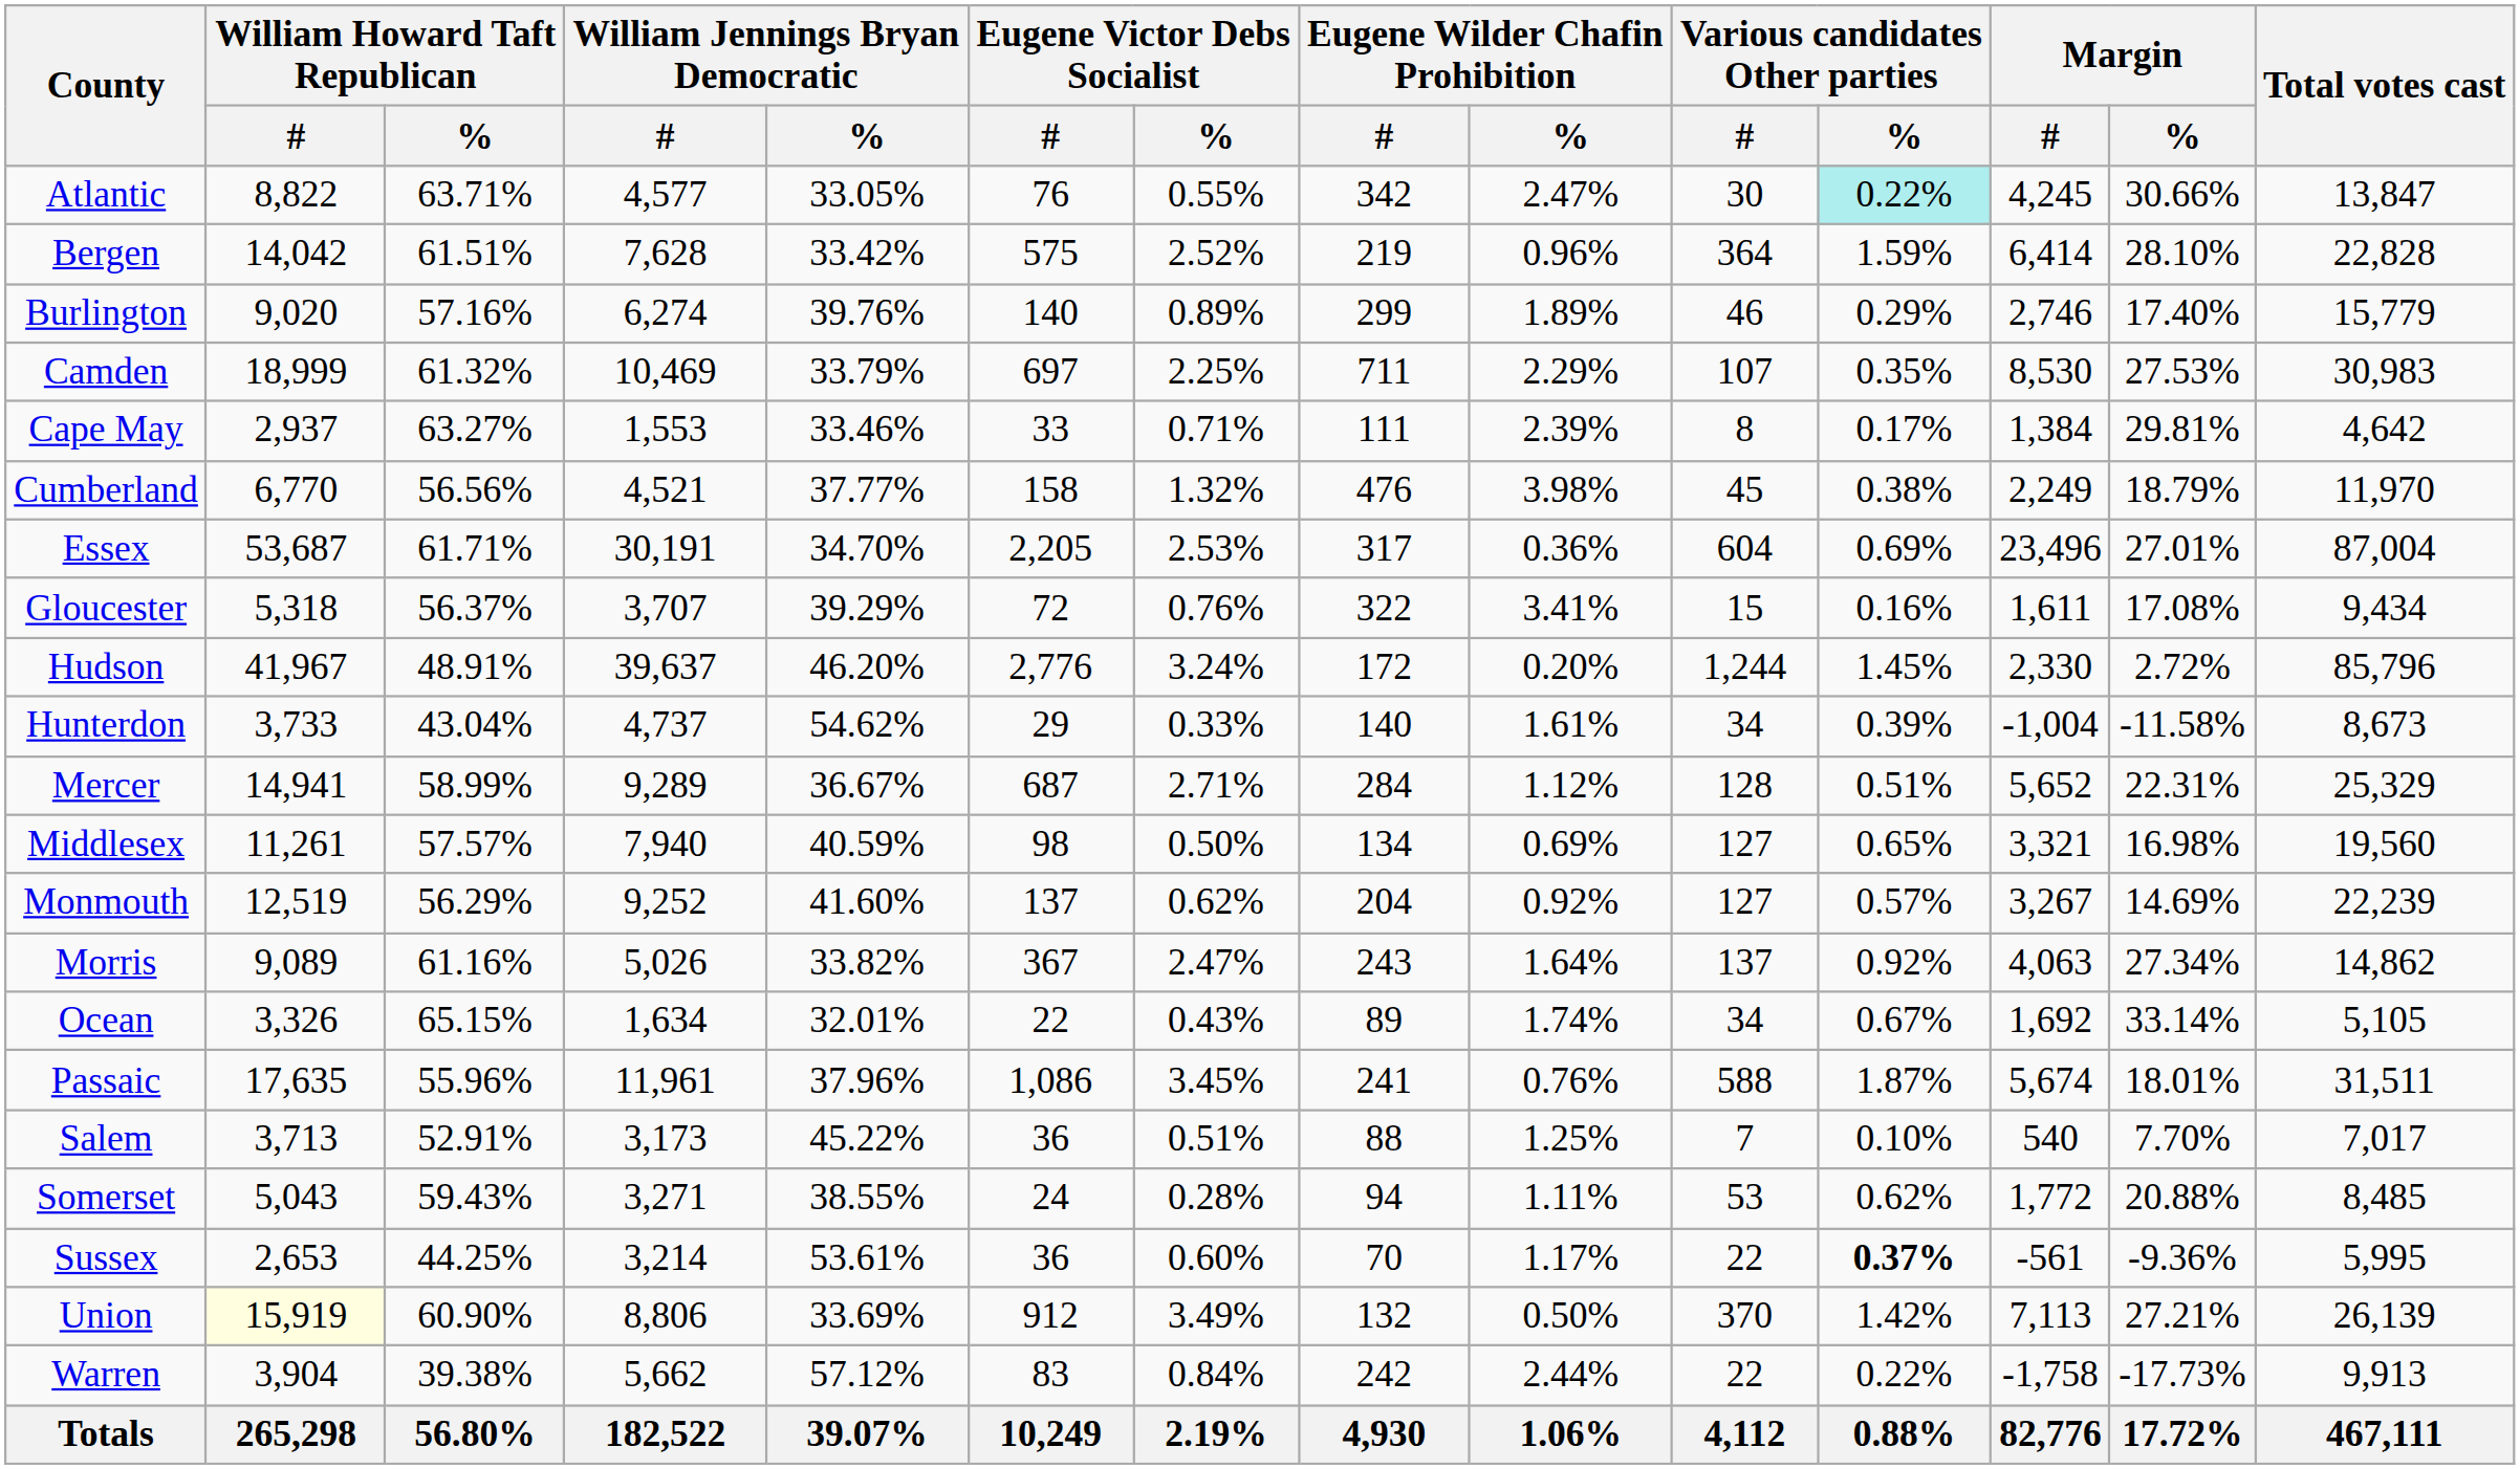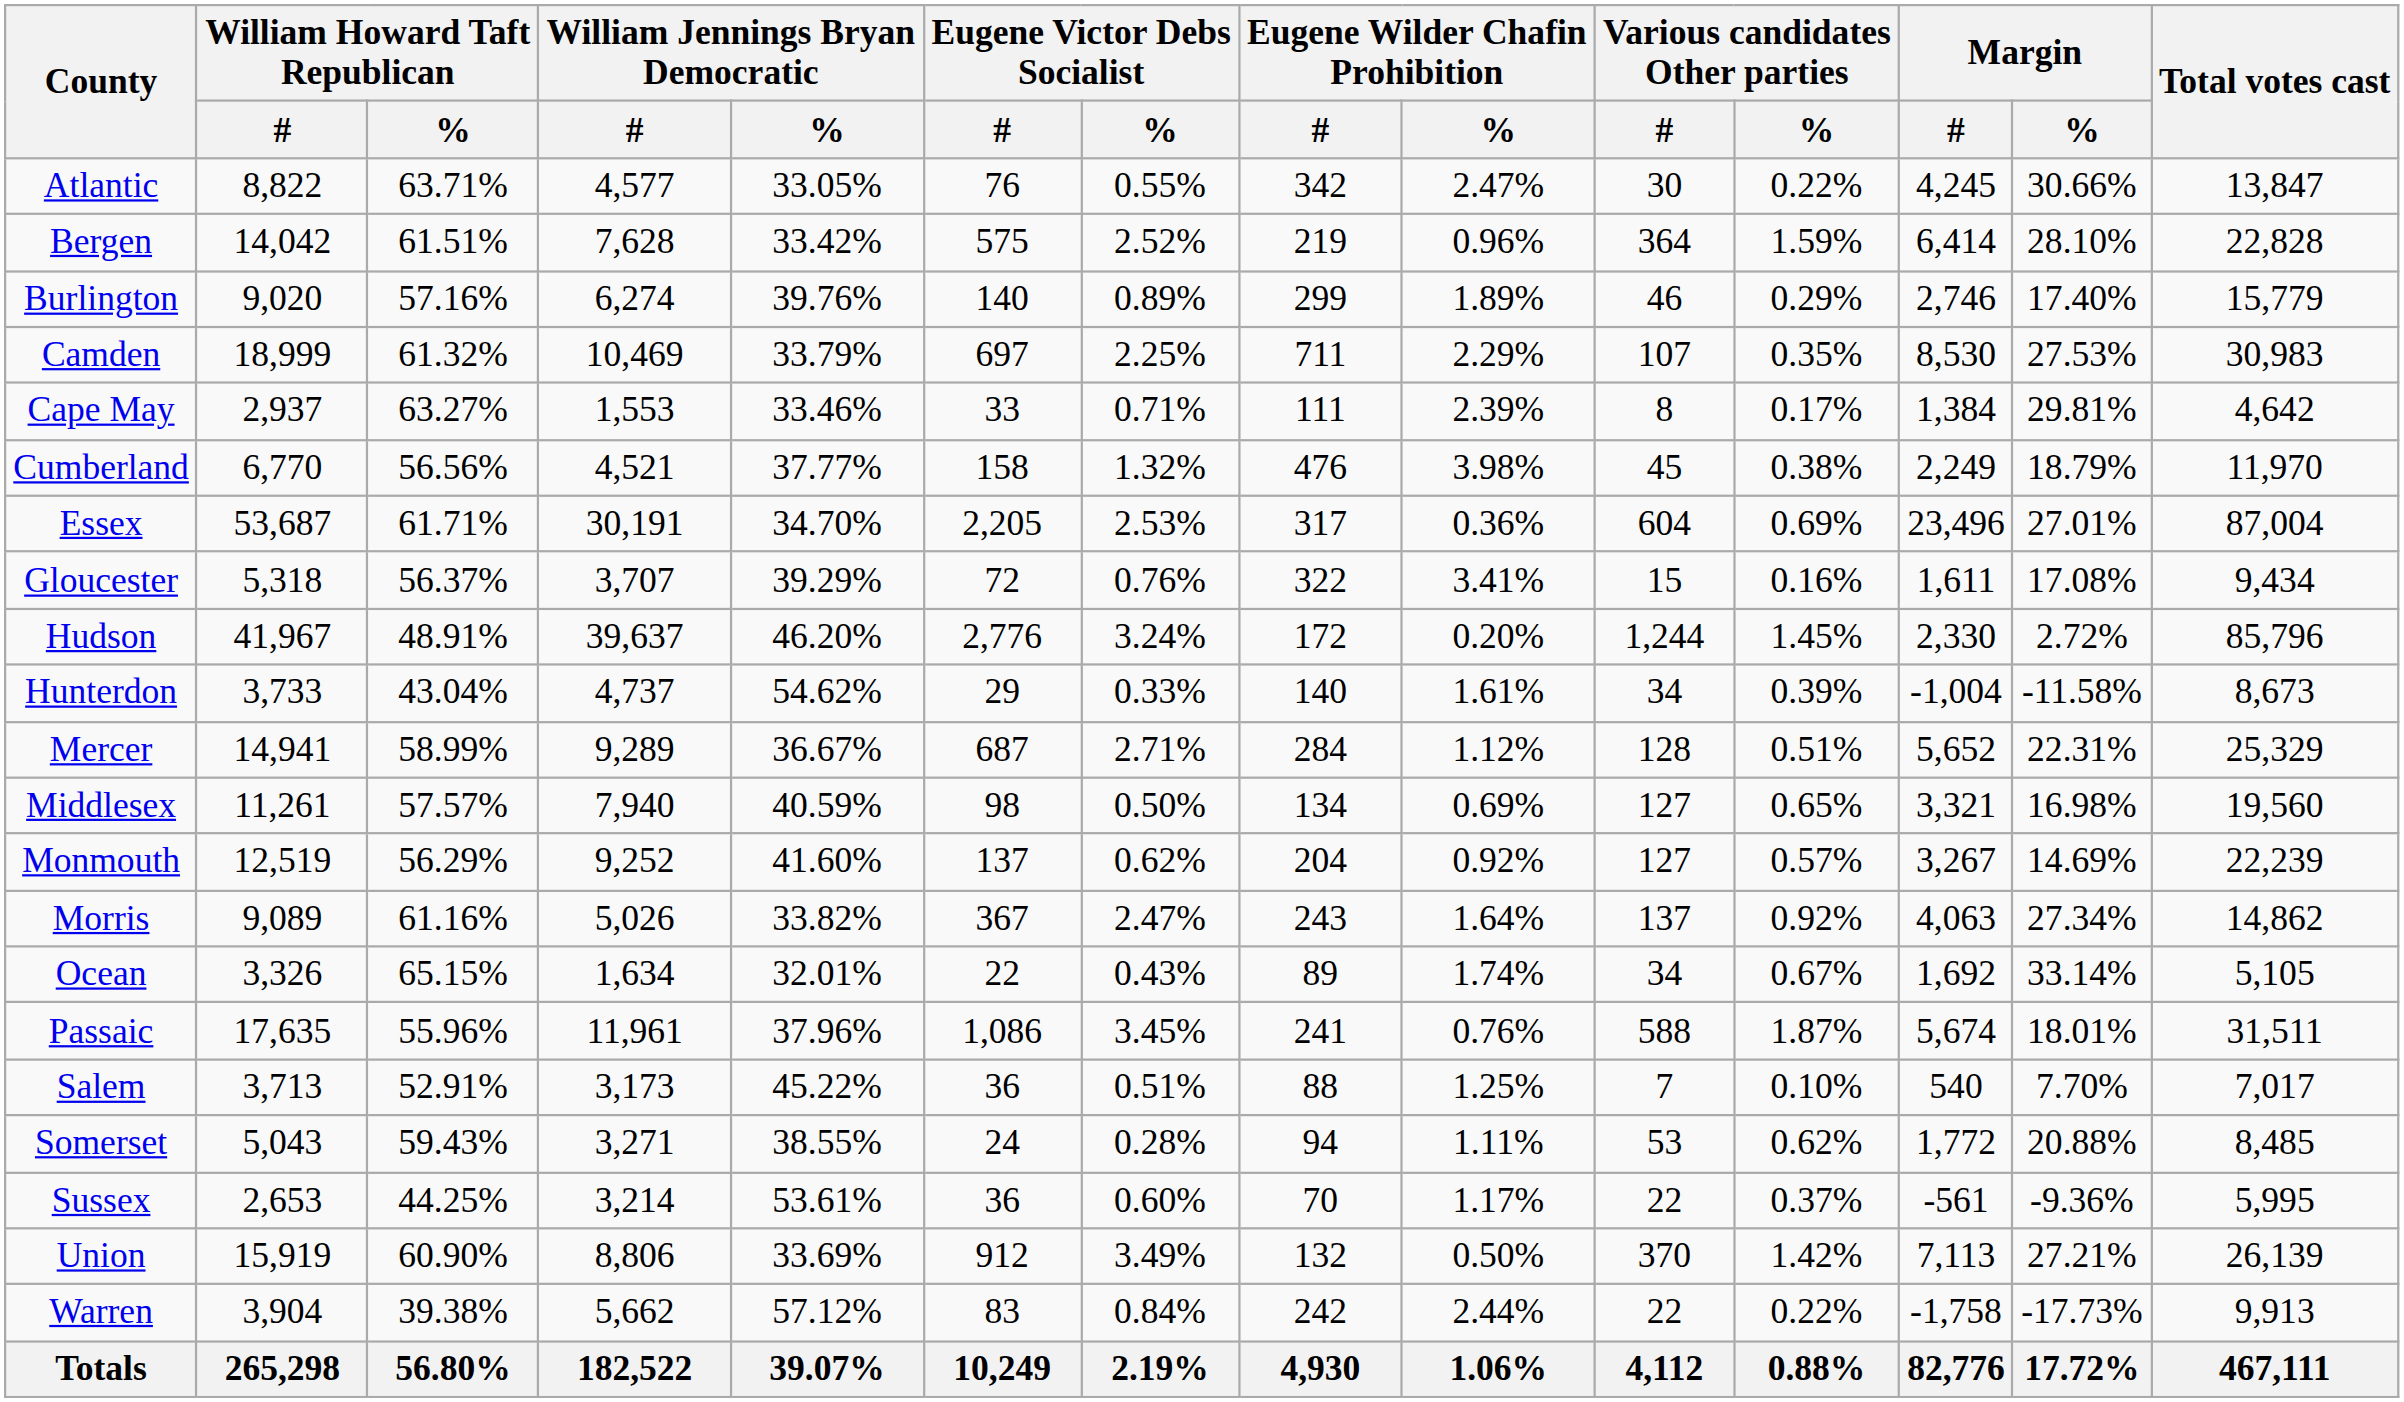 <table class="wikitable sortable">
 <tr>
 <th style="text-align:center;" rowspan="2">County</th>
 <th style="text-align:center;" colspan="2">William Howard Taft<br>Republican</th>
 <th style="text-align:center;" colspan="2">William Jennings Bryan<br>Democratic</th>
 <th style="text-align:center;" colspan="2">Eugene Victor Debs<br>Socialist</th>
 <th style="text-align:center;" colspan="2">Eugene Wilder Chafin<br>Prohibition</th>
 <th style="text-align:center;" colspan="2">Various candidates<br>Other parties</th>
 <th style="text-align:center;" colspan="2">Margin</th>
 <th style="text-align:center;" rowspan="2">Total votes cast</th>
 </tr>
 <tr>
 <th data-sort-type="number">#</th>
 <th data-sort-type="number">%</th>
 <th data-sort-type="number">#</th>
 <th data-sort-type="number">%</th>
 <th data-sort-type="number">#</th>
 <th data-sort-type="number">%</th>
 <th data-sort-type="number">#</th>
 <th data-sort-type="number">%</th>
 <th data-sort-type="number">#</th>
 <th data-sort-type="number">%</th>
 <th data-sort-type="number">#</th>
 <th data-sort-type="number">%</th>
 </tr>
 <tr style="text-align:center;">
 <td><a href='#'>Atlantic</a></td>
 <td>8,822</td>
 <td>63.71%</td>
 <td>4,577</td>
 <td>33.05%</td>
 <td>76</td>
 <td>0.55%</td>
 <td>342</td>
 <td>2.47%</td>
 <td>30</td>
-<td style="background: paleturquoise;">0.22%</td>
+<td>0.22%</td>
 <td>4,245</td>
 <td>30.66%</td>
 <td>13,847</td>
 </tr>
 <tr style="text-align:center;">
 <td><a href='#'>Bergen</a></td>
 <td>14,042</td>
 <td>61.51%</td>
 <td>7,628</td>
 <td>33.42%</td>
 <td>575</td>
 <td>2.52%</td>
 <td>219</td>
 <td>0.96%</td>
 <td>364</td>
 <td>1.59%</td>
 <td>6,414</td>
 <td>28.10%</td>
 <td>22,828</td>
 </tr>
 <tr style="text-align:center;">
 <td><a href='#'>Burlington</a></td>
 <td>9,020</td>
 <td>57.16%</td>
 <td>6,274</td>
 <td>39.76%</td>
 <td>140</td>
 <td>0.89%</td>
 <td>299</td>
 <td>1.89%</td>
 <td>46</td>
 <td>0.29%</td>
 <td>2,746</td>
 <td>17.40%</td>
 <td>15,779</td>
 </tr>
 <tr style="text-align:center;">
 <td><a href='#'>Camden</a></td>
 <td>18,999</td>
 <td>61.32%</td>
 <td>10,469</td>
 <td>33.79%</td>
 <td>697</td>
 <td>2.25%</td>
 <td>711</td>
 <td>2.29%</td>
 <td>107</td>
 <td>0.35%</td>
 <td>8,530</td>
 <td>27.53%</td>
 <td>30,983</td>
 </tr>
 <tr style="text-align:center;">
 <td><a href='#'>Cape May</a></td>
 <td>2,937</td>
 <td>63.27%</td>
 <td>1,553</td>
 <td>33.46%</td>
 <td>33</td>
 <td>0.71%</td>
 <td>111</td>
 <td>2.39%</td>
 <td>8</td>
 <td>0.17%</td>
 <td>1,384</td>
 <td>29.81%</td>
 <td>4,642</td>
 </tr>
 <tr style="text-align:center;">
 <td><a href='#'>Cumberland</a></td>
 <td>6,770</td>
 <td>56.56%</td>
 <td>4,521</td>
 <td>37.77%</td>
 <td>158</td>
 <td>1.32%</td>
 <td>476</td>
 <td>3.98%</td>
 <td>45</td>
 <td>0.38%</td>
 <td>2,249</td>
 <td>18.79%</td>
 <td>11,970</td>
 </tr>
 <tr style="text-align:center;">
 <td><a href='#'>Essex</a></td>
 <td>53,687</td>
 <td>61.71%</td>
 <td>30,191</td>
 <td>34.70%</td>
 <td>2,205</td>
 <td>2.53%</td>
 <td>317</td>
 <td>0.36%</td>
 <td>604</td>
 <td>0.69%</td>
 <td>23,496</td>
 <td>27.01%</td>
 <td>87,004</td>
 </tr>
 <tr style="text-align:center;">
 <td><a href='#'>Gloucester</a></td>
 <td>5,318</td>
 <td>56.37%</td>
 <td>3,707</td>
 <td>39.29%</td>
 <td>72</td>
 <td>0.76%</td>
 <td>322</td>
 <td>3.41%</td>
 <td>15</td>
 <td>0.16%</td>
 <td>1,611</td>
 <td>17.08%</td>
 <td>9,434</td>
 </tr>
 <tr style="text-align:center;">
 <td><a href='#'>Hudson</a></td>
 <td>41,967</td>
 <td>48.91%</td>
 <td>39,637</td>
 <td>46.20%</td>
 <td>2,776</td>
 <td>3.24%</td>
 <td>172</td>
 <td>0.20%</td>
 <td>1,244</td>
 <td>1.45%</td>
 <td>2,330</td>
 <td>2.72%</td>
 <td>85,796</td>
 </tr>
 <tr style="text-align:center;">
 <td><a href='#'>Hunterdon</a></td>
 <td>3,733</td>
 <td>43.04%</td>
 <td>4,737</td>
 <td>54.62%</td>
 <td>29</td>
 <td>0.33%</td>
 <td>140</td>
 <td>1.61%</td>
 <td>34</td>
 <td>0.39%</td>
 <td>-1,004</td>
 <td>-11.58%</td>
 <td>8,673</td>
 </tr>
 <tr style="text-align:center;">
 <td><a href='#'>Mercer</a></td>
 <td>14,941</td>
 <td>58.99%</td>
 <td>9,289</td>
 <td>36.67%</td>
 <td>687</td>
 <td>2.71%</td>
 <td>284</td>
 <td>1.12%</td>
 <td>128</td>
 <td>0.51%</td>
 <td>5,652</td>
 <td>22.31%</td>
 <td>25,329</td>
 </tr>
 <tr style="text-align:center;">
 <td><a href='#'>Middlesex</a></td>
 <td>11,261</td>
 <td>57.57%</td>
 <td>7,940</td>
 <td>40.59%</td>
 <td>98</td>
 <td>0.50%</td>
 <td>134</td>
 <td>0.69%</td>
 <td>127</td>
 <td>0.65%</td>
 <td>3,321</td>
 <td>16.98%</td>
 <td>19,560</td>
 </tr>
 <tr style="text-align:center;">
 <td><a href='#'>Monmouth</a></td>
 <td>12,519</td>
 <td>56.29%</td>
 <td>9,252</td>
 <td>41.60%</td>
 <td>137</td>
 <td>0.62%</td>
 <td>204</td>
 <td>0.92%</td>
 <td>127</td>
 <td>0.57%</td>
 <td>3,267</td>
 <td>14.69%</td>
 <td>22,239</td>
 </tr>
 <tr style="text-align:center;">
 <td><a href='#'>Morris</a></td>
 <td>9,089</td>
 <td>61.16%</td>
 <td>5,026</td>
 <td>33.82%</td>
 <td>367</td>
 <td>2.47%</td>
 <td>243</td>
 <td>1.64%</td>
 <td>137</td>
 <td>0.92%</td>
 <td>4,063</td>
 <td>27.34%</td>
 <td>14,862</td>
 </tr>
 <tr style="text-align:center;">
 <td><a href='#'>Ocean</a></td>
 <td>3,326</td>
 <td>65.15%</td>
 <td>1,634</td>
 <td>32.01%</td>
 <td>22</td>
 <td>0.43%</td>
 <td>89</td>
 <td>1.74%</td>
 <td>34</td>
 <td>0.67%</td>
 <td>1,692</td>
 <td>33.14%</td>
 <td>5,105</td>
 </tr>
 <tr style="text-align:center;">
 <td><a href='#'>Passaic</a></td>
 <td>17,635</td>
 <td>55.96%</td>
 <td>11,961</td>
 <td>37.96%</td>
 <td>1,086</td>
 <td>3.45%</td>
 <td>241</td>
 <td>0.76%</td>
 <td>588</td>
 <td>1.87%</td>
 <td>5,674</td>
 <td>18.01%</td>
 <td>31,511</td>
 </tr>
 <tr style="text-align:center;">
 <td><a href='#'>Salem</a></td>
 <td>3,713</td>
 <td>52.91%</td>
 <td>3,173</td>
 <td>45.22%</td>
 <td>36</td>
 <td>0.51%</td>
 <td>88</td>
 <td>1.25%</td>
 <td>7</td>
 <td>0.10%</td>
 <td>540</td>
 <td>7.70%</td>
 <td>7,017</td>
 </tr>
 <tr style="text-align:center;">
 <td><a href='#'>Somerset</a></td>
 <td>5,043</td>
 <td>59.43%</td>
 <td>3,271</td>
 <td>38.55%</td>
 <td>24</td>
 <td>0.28%</td>
 <td>94</td>
 <td>1.11%</td>
 <td>53</td>
 <td>0.62%</td>
 <td>1,772</td>
 <td>20.88%</td>
 <td>8,485</td>
 </tr>
 <tr style="text-align:center;">
 <td><a href='#'>Sussex</a></td>
 <td>2,653</td>
 <td>44.25%</td>
 <td>3,214</td>
 <td>53.61%</td>
 <td>36</td>
 <td>0.60%</td>
 <td>70</td>
 <td>1.17%</td>
 <td>22</td>
-<td><strong>0.37%</strong></td>
+<td>0.37%</td>
 <td>-561</td>
 <td>-9.36%</td>
 <td>5,995</td>
 </tr>
 <tr style="text-align:center;">
 <td><a href='#'>Union</a></td>
-<td style="background: lightyellow;">15,919</td>
+<td>15,919</td>
 <td>60.90%</td>
 <td>8,806</td>
 <td>33.69%</td>
 <td>912</td>
 <td>3.49%</td>
 <td>132</td>
 <td>0.50%</td>
 <td>370</td>
 <td>1.42%</td>
 <td>7,113</td>
 <td>27.21%</td>
 <td>26,139</td>
 </tr>
 <tr style="text-align:center;">
 <td><a href='#'>Warren</a></td>
 <td>3,904</td>
 <td>39.38%</td>
 <td>5,662</td>
 <td>57.12%</td>
 <td>83</td>
 <td>0.84%</td>
 <td>242</td>
 <td>2.44%</td>
 <td>22</td>
 <td>0.22%</td>
 <td>-1,758</td>
 <td>-17.73%</td>
 <td>9,913</td>
 </tr>
 <tr style="text-align:center;">
 <th>Totals</th>
 <th>265,298</th>
 <th>56.80%</th>
 <th>182,522</th>
 <th>39.07%</th>
 <th>10,249</th>
 <th>2.19%</th>
 <th>4,930</th>
 <th>1.06%</th>
 <th>4,112</th>
 <th>0.88%</th>
 <th>82,776</th>
 <th>17.72%</th>
 <th>467,111</th>
 </tr>
 </table>
